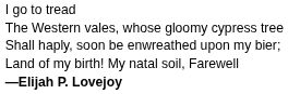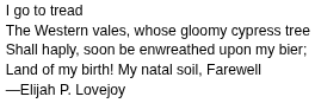 <table align="center">
 <tr>
 <td>I go to tread</td>
 </tr>
 <tr>
 <td>The Western vales, whose gloomy cypress tree</td>
 </tr>
 <tr>
 <td>Shall haply, soon be enwreathed upon my bier;</td>
 </tr>
 <tr>
 <td>Land of my birth! My natal soil, Farewell</td>
 </tr>
 <tr>
-<td><strong>—Elijah P. Lovejoy</strong></td>
+<td>—Elijah P. Lovejoy</td>
 </tr>
 </table>
